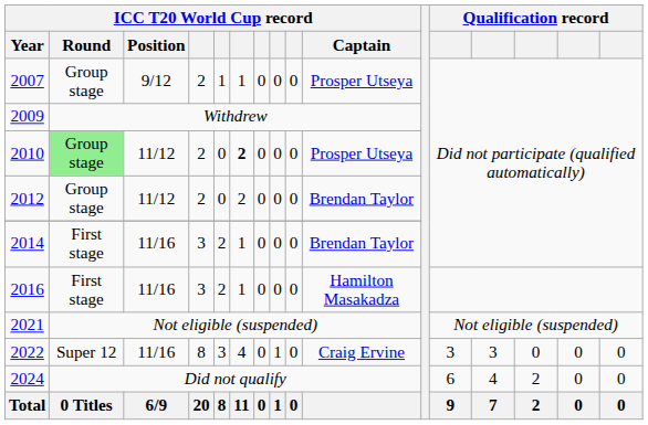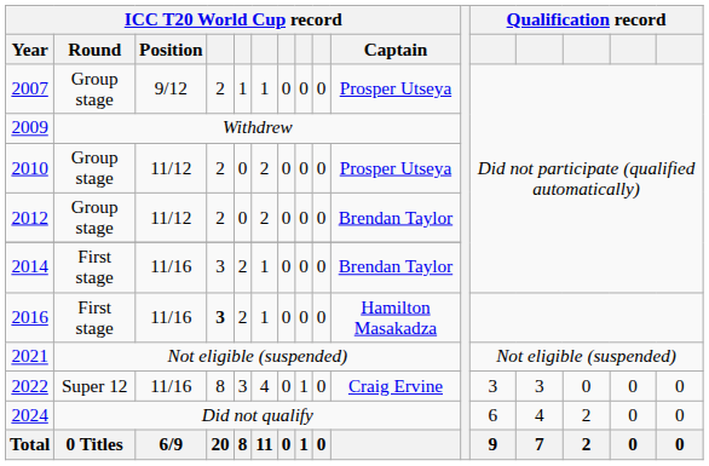 <table class="wikitable" style="text-align: center;">
 <tr>
 <th colspan=10><a href='#'>ICC T20 World Cup</a> record</th>
 <th rowspan="14"></th>
 <th colspan=5><a href='#'>Qualification</a> record</th>
 </tr>
 <tr>
 <th scope="col">Year</th>
 <th scope="col">Round</th>
 <th scope="col">Position</th>
 <th scope="col"></th>
 <th scope="col"></th>
 <th scope="col"></th>
 <th scope="col"></th>
 <th scope="col"></th>
 <th scope="col"></th>
 <th scope="col">Captain</th>
 <th scope="col"></th>
 <th scope="col"></th>
 <th scope="col"></th>
 <th scope="col"></th>
 <th scope="col"></th>
 </tr>
 <tr>
 <td> <a href='#'>2007</a></td>
 <td>Group stage</td>
 <td>9/12</td>
 <td>2</td>
 <td>1</td>
 <td>1</td>
 <td>0</td>
 <td>0</td>
 <td>0</td>
 <td><a href='#'>Prosper Utseya</a></td>
 <td rowspan=6 colspan=5><em>Did not participate (qualified automatically)</em></td>
 </tr>
 <tr>
 <td> <a href='#'>2009</a></td>
 <td colspan=9><em>Withdrew</em></td>
 </tr>
 <tr>
 <td> <a href='#'>2010</a></td>
-<td style="background: lightgreen;">Group stage</td>
+<td>Group stage</td>
 <td>11/12</td>
 <td>2</td>
 <td>0</td>
-<td><strong>2</strong></td>
+<td>2</td>
 <td>0</td>
 <td>0</td>
 <td>0</td>
 <td><a href='#'>Prosper Utseya</a></td>
 </tr>
 <tr>
 <td> <a href='#'>2012</a></td>
 <td>Group stage</td>
 <td>11/12</td>
 <td>2</td>
 <td>0</td>
 <td>2</td>
 <td>0</td>
 <td>0</td>
 <td>0</td>
 <td><a href='#'>Brendan Taylor</a></td>
 </tr>
 <tr>
 </tr>
 <tr>
 <td> <a href='#'>2014</a></td>
 <td>First stage</td>
 <td>11/16</td>
 <td>3</td>
 <td>2</td>
 <td>1</td>
 <td>0</td>
 <td>0</td>
 <td>0</td>
 <td><a href='#'>Brendan Taylor</a></td>
 </tr>
 <tr>
 <td> <a href='#'>2016</a></td>
 <td>First stage</td>
 <td>11/16</td>
-<td>3</td>
+<td><strong>3</strong></td>
 <td>2</td>
 <td>1</td>
 <td>0</td>
 <td>0</td>
 <td>0</td>
 <td><a href='#'>Hamilton Masakadza</a></td>
 </tr>
 <tr>
 <td>  <a href='#'>2021</a></td>
 <td colspan=9><em>Not eligible (suspended)</em></td>
 <td colspan=5><em>Not eligible (suspended)</em></td>
 </tr>
 <tr>
 <td> <a href='#'>2022</a></td>
 <td>Super 12</td>
 <td>11/16</td>
 <td>8</td>
 <td>3</td>
 <td>4</td>
 <td>0</td>
 <td>1</td>
 <td>0</td>
 <td><a href='#'>Craig Ervine</a></td>
 <td>3</td>
 <td>3</td>
 <td>0</td>
 <td>0</td>
 <td>0</td>
 </tr>
 <tr>
 <td>  <a href='#'>2024</a></td>
 <td colspan=9><em>Did not qualify</em></td>
 <td>6</td>
 <td>4</td>
 <td>2</td>
 <td>0</td>
 <td>0</td>
 </tr>
 <tr>
 <th><strong>Total</strong></th>
 <th><strong>0 Titles</strong></th>
 <th><strong>6/9</strong></th>
 <th><strong>20</strong></th>
 <th><strong>8</strong></th>
 <th><strong>11</strong></th>
 <th><strong>0</strong></th>
 <th><strong>1</strong></th>
 <th><strong>0</strong></th>
 <th></th>
 <th><strong>9</strong></th>
 <th><strong>7</strong></th>
 <th><strong>2</strong></th>
 <th><strong>0</strong></th>
 <th><strong>0</strong></th>
 </tr>
 </table>
